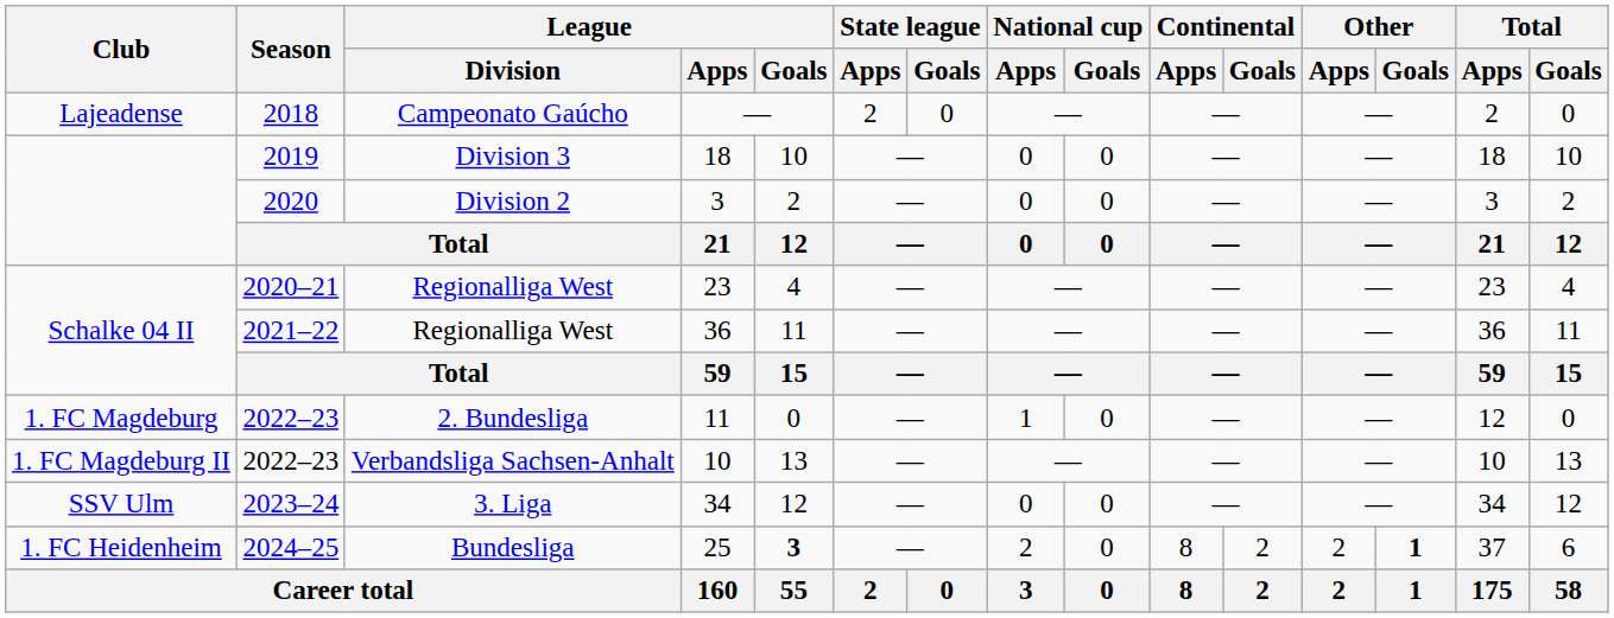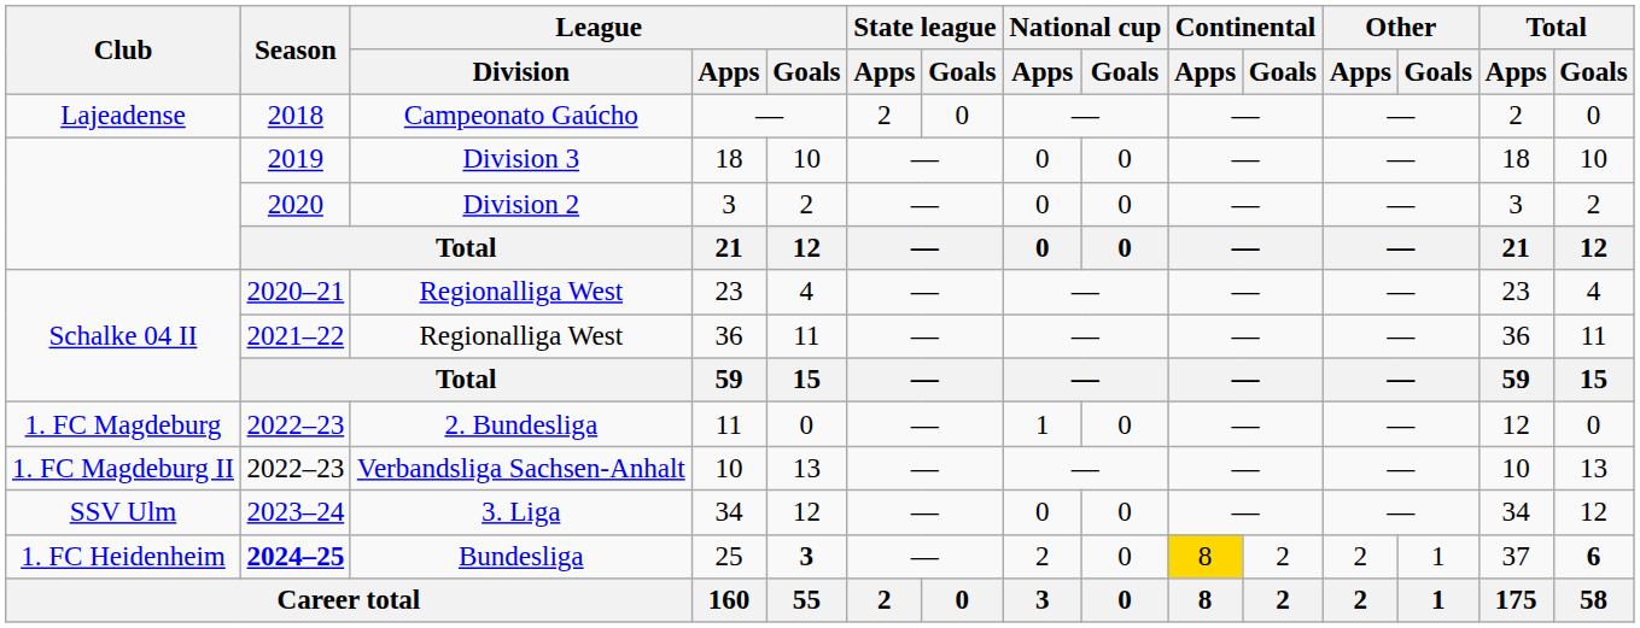 <table class="wikitable" style="text-align:center">
 <tr>
 <th rowspan="2">Club</th>
 <th rowspan="2">Season</th>
 <th colspan="3">League</th>
 <th colspan="2">State league</th>
 <th colspan="2">National cup</th>
 <th colspan="2">Continental</th>
 <th colspan="2">Other</th>
 <th colspan="2">Total</th>
 </tr>
 <tr>
 <th>Division</th>
 <th>Apps</th>
 <th>Goals</th>
 <th>Apps</th>
 <th>Goals</th>
 <th>Apps</th>
 <th>Goals</th>
 <th>Apps</th>
 <th>Goals</th>
 <th>Apps</th>
 <th>Goals</th>
 <th>Apps</th>
 <th>Goals</th>
 </tr>
 <tr>
 <td><a href='#'>Lajeadense</a></td>
 <td><a href='#'>2018</a></td>
 <td><a href='#'>Campeonato Gaúcho</a></td>
 <td colspan="2">—</td>
 <td>2</td>
 <td>0</td>
 <td colspan="2">—</td>
 <td colspan="2">—</td>
 <td colspan="2">—</td>
 <td>2</td>
 <td>0</td>
 </tr>
 <tr>
 <td rowspan="3"></td>
 <td><a href='#'>2019</a></td>
 <td><a href='#'>Division 3</a></td>
 <td>18</td>
 <td>10</td>
 <td colspan="2">—</td>
 <td>0</td>
 <td>0</td>
 <td colspan="2">—</td>
 <td colspan="2">—</td>
 <td>18</td>
 <td>10</td>
 </tr>
 <tr>
 <td><a href='#'>2020</a></td>
 <td><a href='#'>Division 2</a></td>
 <td>3</td>
 <td>2</td>
 <td colspan="2">—</td>
 <td>0</td>
 <td>0</td>
 <td colspan="2">—</td>
 <td colspan="2">—</td>
 <td>3</td>
 <td>2</td>
 </tr>
 <tr>
 <th colspan="2">Total</th>
 <th>21</th>
 <th>12</th>
 <th colspan="2">—</th>
 <th>0</th>
 <th>0</th>
 <th colspan="2">—</th>
 <th colspan="2">—</th>
 <th>21</th>
 <th>12</th>
 </tr>
 <tr>
 <td rowspan="3"><a href='#'>Schalke 04 II</a></td>
 <td><a href='#'>2020–21</a></td>
 <td><a href='#'>Regionalliga West</a></td>
 <td>23</td>
 <td>4</td>
 <td colspan="2">—</td>
 <td colspan="2">—</td>
 <td colspan="2">—</td>
 <td colspan="2">—</td>
 <td>23</td>
 <td>4</td>
 </tr>
 <tr>
 <td><a href='#'>2021–22</a></td>
 <td>Regionalliga West</td>
 <td>36</td>
 <td>11</td>
 <td colspan="2">—</td>
 <td colspan="2">—</td>
 <td colspan="2">—</td>
 <td colspan="2">—</td>
 <td>36</td>
 <td>11</td>
 </tr>
 <tr>
 <th colspan="2">Total</th>
 <th>59</th>
 <th>15</th>
 <th colspan="2">—</th>
 <th colspan="2">—</th>
 <th colspan="2">—</th>
 <th colspan="2">—</th>
 <th>59</th>
 <th>15</th>
 </tr>
 <tr>
 <td><a href='#'>1. FC Magdeburg</a></td>
 <td><a href='#'>2022–23</a></td>
 <td><a href='#'>2. Bundesliga</a></td>
 <td>11</td>
 <td>0</td>
 <td colspan="2">—</td>
 <td>1</td>
 <td>0</td>
 <td colspan="2">—</td>
 <td colspan="2">—</td>
 <td>12</td>
 <td>0</td>
 </tr>
 <tr>
 <td><a href='#'>1. FC Magdeburg II</a></td>
 <td>2022–23</td>
 <td><a href='#'>Verbandsliga Sachsen-Anhalt</a></td>
 <td>10</td>
 <td>13</td>
 <td colspan="2">—</td>
 <td colspan="2">—</td>
 <td colspan="2">—</td>
 <td colspan="2">—</td>
 <td>10</td>
 <td>13</td>
 </tr>
 <tr>
 <td><a href='#'>SSV Ulm</a></td>
 <td><a href='#'>2023–24</a></td>
 <td><a href='#'>3. Liga</a></td>
 <td>34</td>
 <td>12</td>
 <td colspan="2">—</td>
 <td>0</td>
 <td>0</td>
 <td colspan="2">—</td>
 <td colspan="2">—</td>
 <td>34</td>
 <td>12</td>
 </tr>
 <tr>
 <td><a href='#'>1. FC Heidenheim</a></td>
-<td><a href='#'>2024–25</a></td>
+<td><strong><a href='#'>2024–25</a></strong></td>
 <td><a href='#'>Bundesliga</a></td>
 <td>25</td>
 <td><strong>3</strong></td>
 <td colspan="2">—</td>
 <td>2</td>
 <td>0</td>
-<td>8</td>
+<td style="background: gold;">8</td>
 <td>2</td>
 <td>2</td>
-<td><strong>1</strong></td>
+<td>1</td>
 <td>37</td>
-<td>6</td>
+<td><strong>6</strong></td>
 </tr>
 <tr>
 <th colspan="3">Career total</th>
 <th>160</th>
 <th>55</th>
 <th>2</th>
 <th>0</th>
 <th>3</th>
 <th>0</th>
 <th>8</th>
 <th>2</th>
 <th>2</th>
 <th>1</th>
 <th>175</th>
 <th>58</th>
 </tr>
 </table>
